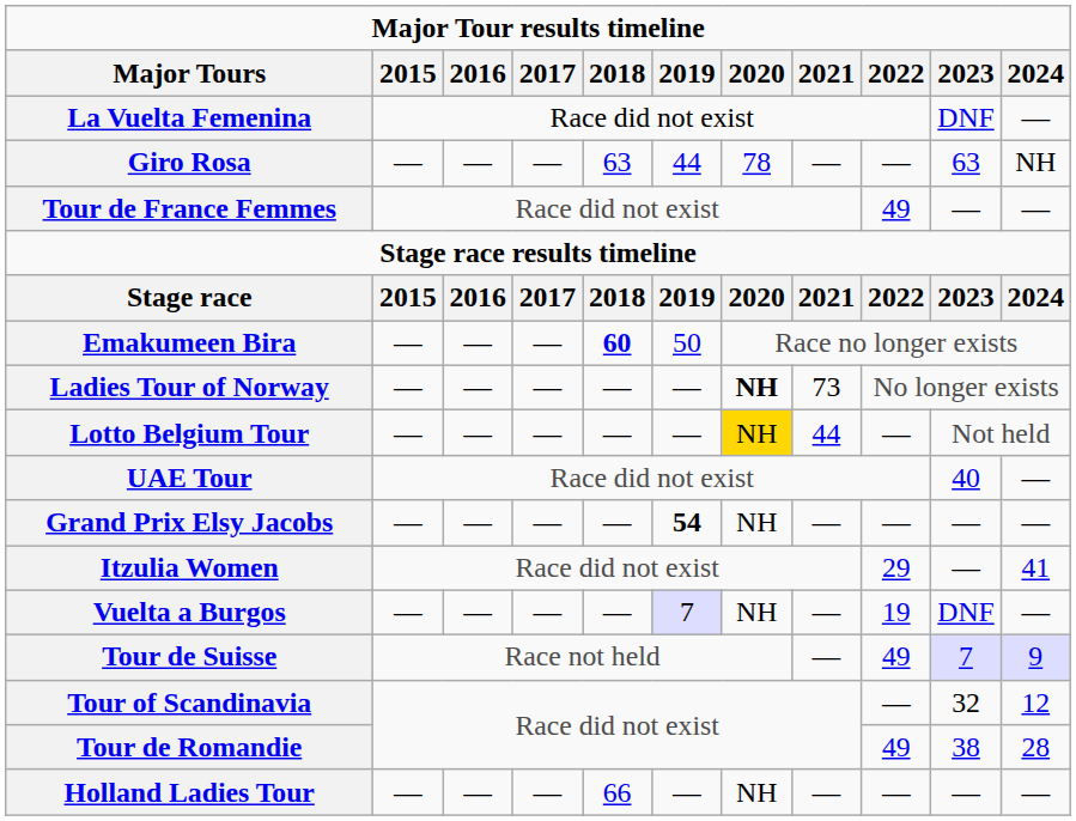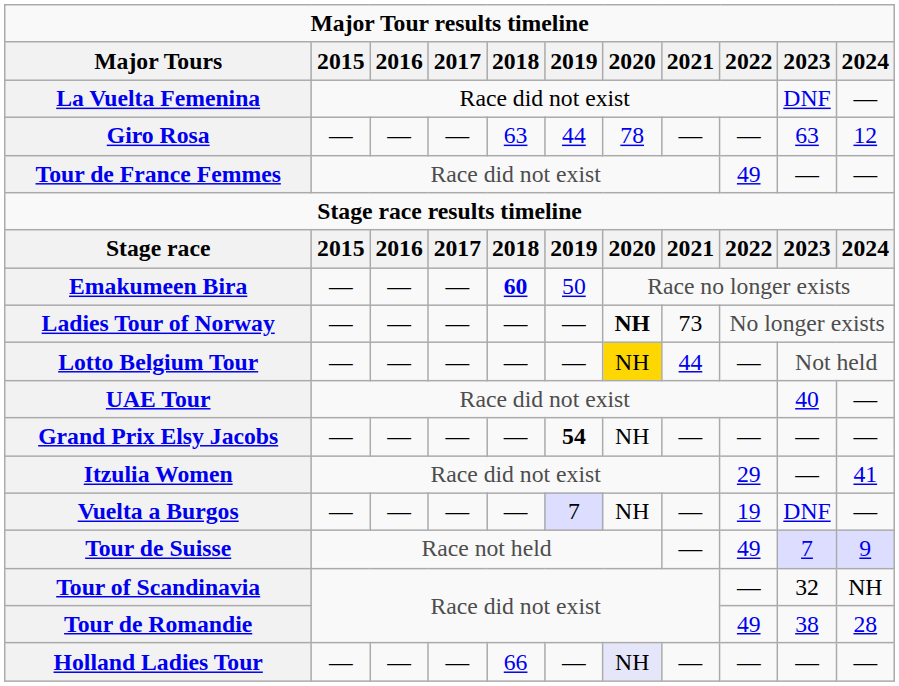 <table class="wikitable plainrowheaders">
 <tr>
 <td colspan="11" align="center"><strong>Major Tour results timeline</strong></td>
 </tr>
 <tr style="background:#EEEEEE;">
 <th>Major Tours</th>
 <th>2015</th>
 <th>2016</th>
 <th>2017</th>
 <th>2018</th>
 <th>2019</th>
 <th>2020</th>
 <th>2021</th>
 <th>2022</th>
 <th>2023</th>
 <th>2024</th>
 </tr>
 <tr style="text-align:center;">
 <th scope="row" width=200px> <a href='#'>La Vuelta Femenina</a></th>
 <td colspan=8>Race did not exist</td>
 <td><a href='#'>DNF</a></td>
 <td>—</td>
 </tr>
 <tr style="text-align:center;">
 <th scope="row"> <a href='#'>Giro Rosa</a></th>
 <td>—</td>
 <td>—</td>
 <td>—</td>
 <td><a href='#'>63</a></td>
 <td><a href='#'>44</a></td>
 <td><a href='#'>78</a></td>
 <td>—</td>
 <td>—</td>
 <td><a href='#'>63</a></td>
-<td>NH</td>
+<td><a href='#'>12</a></td>
 </tr>
 <tr style="text-align:center;">
 <th scope="row"> <a href='#'>Tour de France Femmes</a></th>
 <td style="color:#4d4d4d;" colspan=7>Race did not exist</td>
 <td><a href='#'>49</a></td>
 <td>—</td>
 <td>—</td>
 </tr>
 <tr>
 <td colspan="16" align="center"><strong>Stage race results timeline</strong></td>
 </tr>
 <tr style="background:#EEEEEE;">
 <th>Stage race</th>
 <th>2015</th>
 <th>2016</th>
 <th>2017</th>
 <th>2018</th>
 <th>2019</th>
 <th>2020</th>
 <th>2021</th>
 <th>2022</th>
 <th>2023</th>
 <th>2024</th>
 </tr>
 <tr style="text-align:center;">
 <th scope="row"> <a href='#'>Emakumeen Bira</a></th>
 <td>—</td>
 <td>—</td>
 <td>—</td>
 <td><strong><a href='#'>60</a></strong></td>
 <td><a href='#'>50</a></td>
 <td style="color:#4d4d4d;" colspan=5>Race no longer exists</td>
 </tr>
 <tr style="text-align:center;">
 <th scope="row"> <a href='#'>Ladies Tour of Norway</a></th>
 <td>—</td>
 <td>—</td>
 <td>—</td>
 <td>—</td>
 <td>—</td>
 <td><strong>NH</strong></td>
 <td>73</td>
 <td style="color:#4d4d4d;" colspan=3>No longer exists</td>
 </tr>
 <tr style="text-align:center">
 <th scope="row"> <a href='#'>Lotto Belgium Tour</a></th>
 <td>—</td>
 <td>—</td>
 <td>—</td>
 <td>—</td>
 <td>—</td>
 <td style="background: gold;">NH</td>
 <td><a href='#'>44</a></td>
 <td>—</td>
 <td style="color:#4d4d4d;" colspan=2>Not held</td>
 </tr>
 <tr style="text-align:center">
 <th scope="row"> <a href='#'>UAE Tour</a></th>
 <td style="color:#4d4d4d;" colspan=8>Race did not exist</td>
 <td><a href='#'>40</a></td>
 <td>—</td>
 </tr>
 <tr style="text-align:center;">
 <th scope="row"> <a href='#'>Grand Prix Elsy Jacobs</a></th>
 <td>—</td>
 <td>—</td>
 <td>—</td>
 <td>—</td>
 <td><strong>54</strong></td>
 <td>NH</td>
 <td>—</td>
 <td>—</td>
 <td>—</td>
 <td>—</td>
 </tr>
 <tr style="text-align:center;">
 <th scope="row"> <a href='#'>Itzulia Women</a></th>
 <td style="color:#4d4d4d;" colspan=7>Race did not exist</td>
 <td><a href='#'>29</a></td>
 <td>—</td>
 <td><a href='#'>41</a></td>
 </tr>
 <tr style="text-align:center;">
 <th scope="row"> <a href='#'>Vuelta a Burgos</a></th>
 <td>—</td>
 <td>—</td>
 <td>—</td>
 <td>—</td>
 <td style="background:#ddf;">7</td>
 <td>NH</td>
 <td>—</td>
 <td><a href='#'>19</a></td>
 <td><a href='#'>DNF</a></td>
 <td>—</td>
 </tr>
 <tr style="text-align:center;">
 <th scope="row"> <a href='#'>Tour de Suisse</a></th>
 <td style="color:#4d4d4d;" colspan=6>Race not held</td>
 <td>—</td>
 <td><a href='#'>49</a></td>
 <td style="background:#ddf;"><a href='#'>7</a></td>
 <td style="background:#ddf;"><a href='#'>9</a></td>
 </tr>
 <tr style="text-align:center;">
 <th scope="row"> <a href='#'>Tour of Scandinavia</a></th>
 <td style="color:#4d4d4d;" colspan=7 rowspan=2>Race did not exist</td>
 <td>—</td>
 <td>32</td>
-<td><a href='#'>12</a></td>
+<td>NH</td>
 </tr>
 <tr style="text-align:center">
 <th scope="row"> <a href='#'>Tour de Romandie</a></th>
 <td><a href='#'>49</a></td>
 <td><a href='#'>38</a></td>
 <td><a href='#'>28</a></td>
 </tr>
 <tr style="text-align:center;">
 <th scope="row"> <a href='#'>Holland Ladies Tour</a></th>
 <td>—</td>
 <td>—</td>
 <td>—</td>
 <td><a href='#'>66</a></td>
 <td>—</td>
-<td>NH</td>
+<td style="background: lavender;">NH</td>
 <td>—</td>
 <td>—</td>
 <td>—</td>
 <td>—</td>
 </tr>
 </table>
